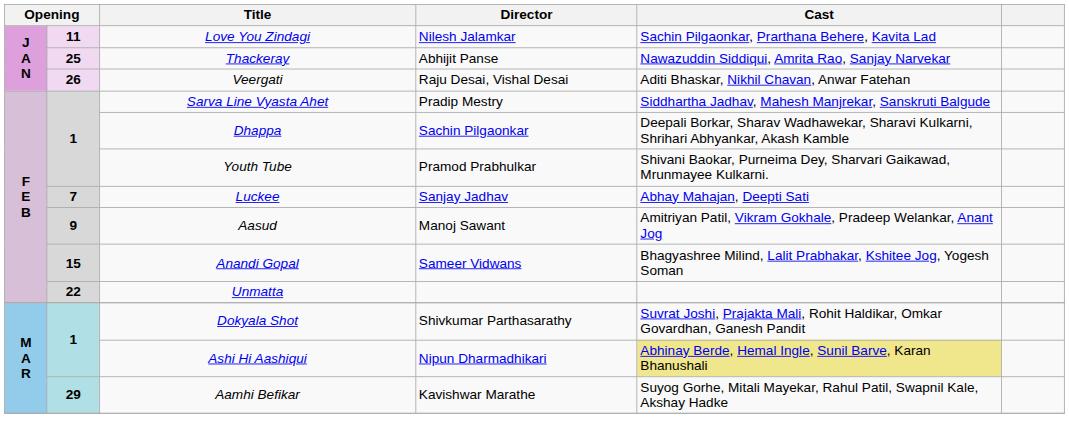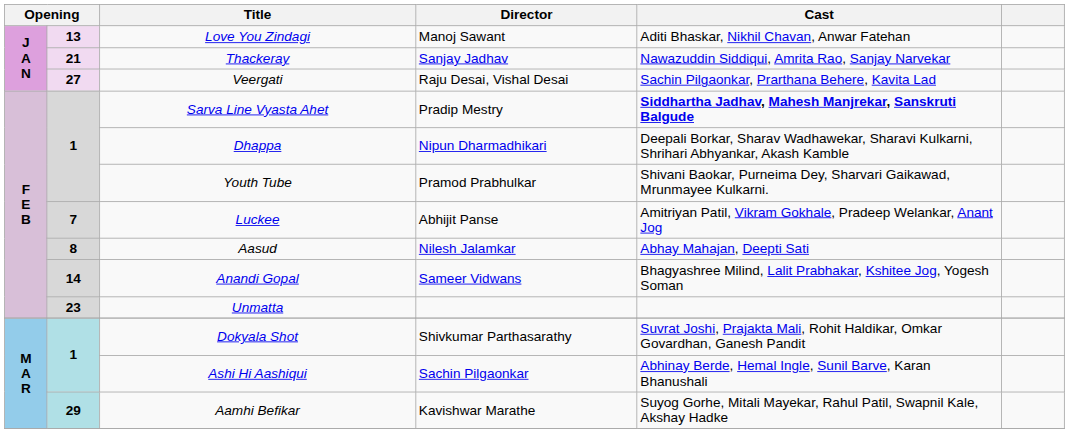 <table class="wikitable sortable">
 <tr>
 <th colspan="2" style="width:6%;"><strong>Opening</strong></th>
 <th style="width:20%;"><strong>Title</strong></th>
 <th style="width:14%;"><strong>Director</strong></th>
 <th style="width:23%;"><strong>Cast</strong></th>
 <th style="width:4%;"><strong></strong></th>
 </tr>
 <tr>
 <td rowspan="3" style="text-align:center; background:plum; textcolor:#000;"><strong>J<br>A<br>N</strong></td>
-<td rowspan="1" style="text-align:center;background:#f1daf1;"><strong>11</strong></td>
+<td rowspan="1" style="text-align:center;background:#f1daf1;"><strong>13</strong></td>
 <td style="text-align:center;"><em><a href='#'>Love You Zindagi</a></em></td>
-<td><a href='#'>Nilesh Jalamkar</a></td>
-<td><a href='#'>Sachin Pilgaonkar</a>, <a href='#'>Prarthana Behere</a>, <a href='#'>Kavita Lad</a></td>
+<td>Manoj Sawant</td>
+<td>Aditi Bhaskar, <a href='#'>Nikhil Chavan</a>, Anwar Fatehan</td>
 <td></td>
 </tr>
 <tr>
-<td rowspan="1" style="text-align:center;background:#f1daf1;"><strong>25</strong></td>
+<td rowspan="1" style="text-align:center;background:#f1daf1;"><strong>21</strong></td>
 <td style="text-align:center;"><em><a href='#'>Thackeray</a></em></td>
-<td>Abhijit Panse</td>
+<td><a href='#'>Sanjay Jadhav</a></td>
 <td><a href='#'>Nawazuddin Siddiqui</a>, <a href='#'>Amrita Rao</a>, <a href='#'>Sanjay Narvekar</a></td>
 <td></td>
 </tr>
 <tr>
-<td rowspan="1" style="text-align:center;background:#f1daf1;"><strong>26</strong></td>
+<td rowspan="1" style="text-align:center;background:#f1daf1;"><strong>27</strong></td>
 <td style="text-align:center;"><em>Veergati</em></td>
 <td>Raju Desai, Vishal Desai</td>
-<td>Aditi Bhaskar, <a href='#'>Nikhil Chavan</a>, Anwar Fatehan</td>
+<td><a href='#'>Sachin Pilgaonkar</a>, <a href='#'>Prarthana Behere</a>, <a href='#'>Kavita Lad</a></td>
 <td></td>
 </tr>
 <tr>
 <td rowspan="7" style="text-align:center; background:thistle;"><strong>F<br>E<br>B</strong></td>
 <td rowspan="3" style="text-align:center; background:#d8d8d8;"><strong>1</strong></td>
 <td style="text-align:center;"><em><a href='#'>Sarva Line Vyasta Ahet</a></em></td>
 <td>Pradip Mestry</td>
-<td><a href='#'>Siddhartha Jadhav</a>, <a href='#'>Mahesh Manjrekar</a>, <a href='#'>Sanskruti Balgude</a></td>
+<td><strong><a href='#'>Siddhartha Jadhav</a>, <a href='#'>Mahesh Manjrekar</a>, <a href='#'>Sanskruti Balgude</a></strong></td>
 <td></td>
 </tr>
 <tr>
 <td style="text-align:center;"><em><a href='#'>Dhappa</a></em></td>
-<td><a href='#'>Sachin Pilgaonkar</a></td>
+<td><a href='#'>Nipun Dharmadhikari</a></td>
 <td>Deepali Borkar, Sharav Wadhawekar, Sharavi Kulkarni, Shrihari Abhyankar, Akash Kamble</td>
 <td></td>
 </tr>
 <tr>
 <td style="text-align:center;"><em>Youth Tube</em></td>
 <td>Pramod Prabhulkar</td>
 <td>Shivani Baokar, Purneima Dey, Sharvari Gaikawad, Mrunmayee Kulkarni.</td>
 <td></td>
 </tr>
 <tr>
 <td rowspan="1" style="text-align:center; background:#d8d8d8;"><strong>7</strong></td>
 <td style="text-align:center;"><em><a href='#'>Luckee</a></em></td>
-<td><a href='#'>Sanjay Jadhav</a></td>
+<td>Abhijit Panse</td>
+<td>Amitriyan Patil, <a href='#'>Vikram Gokhale</a>, Pradeep Welankar, <a href='#'>Anant Jog</a></td>
+<td></td>
+</tr>
+<tr>
+<td rowspan="1" style="text-align:center; background:#d8d8d8;"><strong>8</strong></td>
+<td style="text-align:center;"><em>Aasud</em></td>
+<td><a href='#'>Nilesh Jalamkar</a></td>
 <td><a href='#'>Abhay Mahajan</a>, <a href='#'>Deepti Sati</a></td>
 <td></td>
 </tr>
 <tr>
-<td rowspan="1" style="text-align:center; background:#d8d8d8;"><strong>9</strong></td>
-<td style="text-align:center;"><em>Aasud</em></td>
-<td>Manoj Sawant</td>
-<td>Amitriyan Patil, <a href='#'>Vikram Gokhale</a>, Pradeep Welankar, <a href='#'>Anant Jog</a></td>
-<td></td>
-</tr>
-<tr>
-<td rowspan="1" style="text-align:center;  background:#d8d8d8;"><strong>15</strong></td>
+<td rowspan="1" style="text-align:center;  background:#d8d8d8;"><strong>14</strong></td>
 <td style="text-align:center;"><em><a href='#'>Anandi Gopal</a></em></td>
 <td><a href='#'>Sameer Vidwans</a></td>
 <td>Bhagyashree Milind, <a href='#'>Lalit Prabhakar</a>, <a href='#'>Kshitee Jog</a>, Yogesh Soman</td>
 <td></td>
 </tr>
 <tr>
-<td rowspan="1" style="text-align:center;  background:#d8d8d8;"><strong>22</strong></td>
+<td rowspan="1" style="text-align:center;  background:#d8d8d8;"><strong>23</strong></td>
 <td style="text-align:center;"><em><a href='#'>Unmatta</a></em></td>
 <td></td>
 <td></td>
 <td></td>
 </tr>
 <tr>
 </tr>
 <tr March>
 <td rowspan="3" style="text-align:center; background:#93CCEA; textcolor:#000;"><strong>M<br>A<br>R</strong></td>
 <td rowspan="2" style="text-align:center;background:#B0E0E6;"><strong>1</strong></td>
 <td style="text-align:center;"><em><a href='#'>Dokyala Shot</a></em></td>
 <td>Shivkumar Parthasarathy</td>
 <td><a href='#'>Suvrat Joshi</a>, <a href='#'>Prajakta Mali</a>, Rohit Haldikar, Omkar Govardhan, Ganesh Pandit</td>
 <td></td>
 </tr>
 <tr>
 <td style="text-align:center;"><em><a href='#'>Ashi Hi Aashiqui</a></em></td>
-<td><a href='#'>Nipun Dharmadhikari</a></td>
-<td style="background: khaki;"><a href='#'>Abhinay Berde</a>, <a href='#'>Hemal Ingle</a>, <a href='#'>Sunil Barve</a>, Karan Bhanushali</td>
+<td><a href='#'>Sachin Pilgaonkar</a></td>
+<td><a href='#'>Abhinay Berde</a>, <a href='#'>Hemal Ingle</a>, <a href='#'>Sunil Barve</a>, Karan Bhanushali</td>
 <td></td>
 </tr>
 <tr>
 <td rowspan="1" style="text-align:center; background:#B0E0E6;"><strong>29</strong></td>
 <td style="text-align:center;"><em>Aamhi Befikar </em></td>
 <td>Kavishwar Marathe</td>
 <td>Suyog Gorhe, Mitali Mayekar, Rahul Patil, Swapnil Kale, Akshay Hadke</td>
 <td></td>
 </tr>
 <tr>
 </tr>
 </table>
